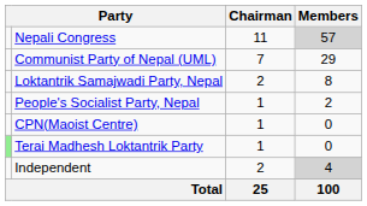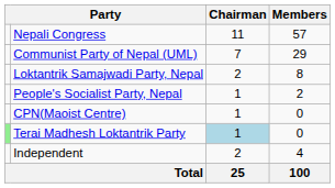 <table class="wikitable sortable">
 <tr>
 <th colspan="2" style="text-align:centre;">Party</th>
 <th>Chairman</th>
 <th>Members</th>
 </tr>
 <tr>
 <td style="background-color:"></td>
 <td style="text-align:left;"><a href='#'>Nepali Congress</a></td>
 <td style="text-align:center;">11</td>
-<td style="background: lightgrey; text-align:center;">57</td>
+<td style="text-align:center;">57</td>
 </tr>
 <tr>
 <td style="background-color:"></td>
 <td style="text-align:left;"><a href='#'>Communist Party of Nepal (UML)</a></td>
 <td style="text-align:center;">7</td>
 <td style="text-align:center;">29</td>
 </tr>
 <tr>
 <td style="background-color:"></td>
 <td style="text-align:left;"><a href='#'>Loktantrik Samajwadi Party, Nepal</a></td>
 <td style="text-align:center;">2</td>
 <td style="text-align:center;">8</td>
 </tr>
 <tr>
 <td style="background-color:"></td>
 <td style="text-align:left;"><a href='#'>People's Socialist Party, Nepal</a></td>
 <td style="text-align:center;">1</td>
 <td style="text-align:center;">2</td>
 </tr>
 <tr>
 <td style="background-color:"></td>
 <td style="text-align:left;"><a href='#'>CPN(Maoist Centre)</a></td>
 <td style="text-align:center;">1</td>
 <td style="text-align:center;">0</td>
 </tr>
 <tr>
 <td style="background-color:lightgreen;"></td>
 <td style="text-align:left;"><a href='#'>Terai Madhesh Loktantrik Party</a></td>
-<td style="text-align:center;">1</td>
+<td style="background: lightblue; text-align:center;">1</td>
 <td style="text-align:center;">0</td>
 </tr>
 <tr>
 <td style="background-color:"></td>
 <td style="text-align:left;">Independent</td>
 <td style="text-align:center;">2</td>
-<td style="background: lightgrey; text-align:center;">4</td>
+<td style="text-align:center;">4</td>
 </tr>
 <tr>
 <th colspan="2" style="text-align:right;">Total</th>
 <th>25</th>
 <th>100</th>
 </tr>
 </table>
